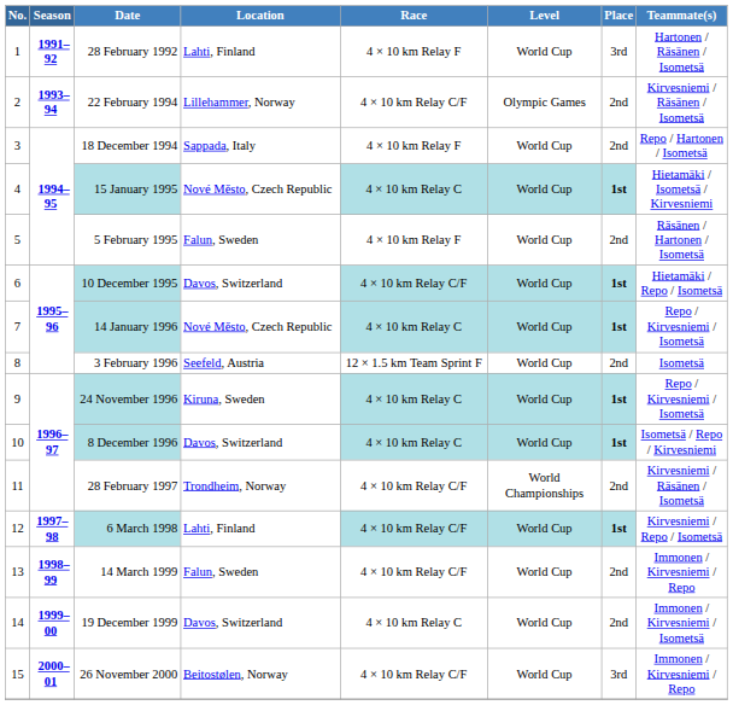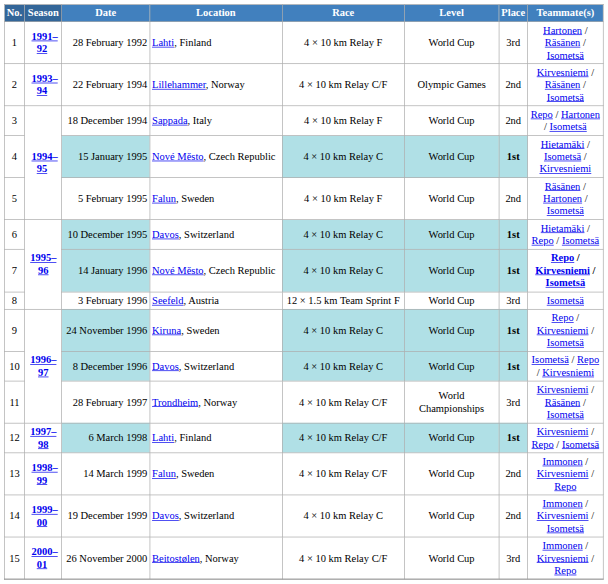 <table class="wikitable sortable" style="font-size:95%; text-align:center; border:grey solid 1px; border-collapse:collapse; background:#ffffff;">
 <tr style="background:#efefef;">
 <th style="background-color:#369; color:white;">No.</th>
 <th style="background-color:#369; color:white;">Season</th>
 <th style="background-color:#4180be; color:white; width:120px;">Date</th>
 <th style="background-color:#4180be; color:white; width:185px;">Location</th>
 <th style="background-color:#4180be; color:white; width:170px;">Race</th>
 <th style="background-color:#4180be; color:white; width:130px;">Level</th>
 <th style="background-color:#4180be; color:white;">Place</th>
 <th style="background-color:#4180be; color:white;">Teammate(s)</th>
 </tr>
 <tr>
 <td align=center>1</td>
 <td rowspan=1 align=center><strong> <a href='#'>1991–92</a> </strong></td>
 <td align=right>28 February 1992</td>
 <td align=left> <a href='#'>Lahti</a>, Finland</td>
 <td>4 × 10 km Relay F</td>
 <td>World Cup</td>
 <td>3rd</td>
 <td><a href='#'>Hartonen</a> / <a href='#'>Räsänen</a> / <a href='#'>Isometsä</a></td>
 </tr>
 <tr>
 <td align=center>2</td>
 <td rowspan=1 align=center><strong> <a href='#'>1993–94</a> </strong></td>
 <td align=right>22 February 1994</td>
 <td align=left> <a href='#'>Lillehammer</a>, Norway</td>
 <td>4 × 10 km Relay C/F</td>
 <td>Olympic Games</td>
 <td>2nd</td>
 <td><a href='#'>Kirvesniemi</a> / <a href='#'>Räsänen</a> / <a href='#'>Isometsä</a></td>
 </tr>
 <tr>
 <td align=center>3</td>
 <td rowspan=3 align=center><strong> <a href='#'>1994–95</a> </strong></td>
 <td align=right>18 December 1994</td>
 <td align=left> <a href='#'>Sappada</a>, Italy</td>
 <td>4 × 10 km Relay F</td>
 <td>World Cup</td>
 <td>2nd</td>
 <td><a href='#'>Repo</a> / <a href='#'>Hartonen</a> / <a href='#'>Isometsä</a></td>
 </tr>
 <tr>
 <td align=center>4</td>
 <td bgcolor="#BOEOE6" align=right>15 January 1995</td>
 <td align=left> <a href='#'>Nové Město</a>, Czech Republic</td>
 <td bgcolor="#BOEOE6">4 × 10 km Relay C</td>
 <td bgcolor="#BOEOE6">World Cup</td>
 <td bgcolor="#BOEOE6"><strong>1st</strong></td>
 <td><a href='#'>Hietamäki</a> / <a href='#'>Isometsä</a> / <a href='#'>Kirvesniemi</a></td>
 </tr>
 <tr>
 <td align=center>5</td>
 <td align=right>5 February 1995</td>
 <td align=left> <a href='#'>Falun</a>, Sweden</td>
 <td>4 × 10 km Relay F</td>
 <td>World Cup</td>
 <td>2nd</td>
 <td><a href='#'>Räsänen</a> / <a href='#'>Hartonen</a> / <a href='#'>Isometsä</a></td>
 </tr>
 <tr>
 <td align=center>6</td>
 <td rowspan=3 align=center><strong><a href='#'>1995–96</a></strong></td>
 <td bgcolor="#BOEOE6" align=right>10 December 1995</td>
 <td align=left> <a href='#'>Davos</a>, Switzerland</td>
-<td bgcolor="#BOEOE6">4 × 10 km Relay C/F</td>
+<td bgcolor="#BOEOE6">4 × 10 km Relay C</td>
 <td bgcolor="#BOEOE6">World Cup</td>
 <td bgcolor="#BOEOE6"><strong>1st</strong></td>
 <td><a href='#'>Hietamäki</a> / <a href='#'>Repo</a> / <a href='#'>Isometsä</a></td>
 </tr>
 <tr>
 <td align=center>7</td>
 <td bgcolor="#BOEOE6" align=right>14 January 1996</td>
 <td align=left> <a href='#'>Nové Město</a>, Czech Republic</td>
 <td bgcolor="#BOEOE6">4 × 10 km Relay C</td>
 <td bgcolor="#BOEOE6">World Cup</td>
 <td bgcolor="#BOEOE6"><strong>1st</strong></td>
-<td><a href='#'>Repo</a> / <a href='#'>Kirvesniemi</a> / <a href='#'>Isometsä</a></td>
+<td><strong><a href='#'>Repo</a> / <a href='#'>Kirvesniemi</a> / <a href='#'>Isometsä</a></strong></td>
 </tr>
 <tr>
 <td align=center>8</td>
 <td align=right>3 February 1996</td>
 <td align=left> <a href='#'>Seefeld</a>, Austria</td>
 <td>12 × 1.5 km Team Sprint F</td>
 <td>World Cup</td>
-<td>2nd</td>
+<td>3rd</td>
 <td><a href='#'>Isometsä</a></td>
 </tr>
 <tr>
 <td align=center>9</td>
 <td rowspan=3 align=center><strong><a href='#'>1996–97</a></strong></td>
 <td bgcolor="#BOEOE6" align=right>24 November 1996</td>
 <td align=left> <a href='#'>Kiruna</a>, Sweden</td>
 <td bgcolor="#BOEOE6">4 × 10 km Relay C</td>
 <td bgcolor="#BOEOE6">World Cup</td>
 <td bgcolor="#BOEOE6"><strong>1st</strong></td>
 <td><a href='#'>Repo</a> / <a href='#'>Kirvesniemi</a> / <a href='#'>Isometsä</a></td>
 </tr>
 <tr>
 <td align=center>10</td>
 <td bgcolor="#BOEOE6" align=right>8 December 1996</td>
 <td align=left> <a href='#'>Davos</a>, Switzerland</td>
 <td bgcolor="#BOEOE6">4 × 10 km Relay C</td>
 <td bgcolor="#BOEOE6">World Cup</td>
 <td bgcolor="#BOEOE6"><strong>1st</strong></td>
 <td><a href='#'>Isometsä</a> / <a href='#'>Repo</a> / <a href='#'>Kirvesniemi</a></td>
 </tr>
 <tr>
 <td align=center>11</td>
 <td align=right>28 February 1997</td>
 <td align=left> <a href='#'>Trondheim</a>, Norway</td>
 <td>4 × 10 km Relay C/F</td>
 <td>World Championships</td>
-<td>2nd</td>
+<td>3rd</td>
 <td><a href='#'>Kirvesniemi</a> / <a href='#'>Räsänen</a> / <a href='#'>Isometsä</a></td>
 </tr>
 <tr>
 <td align=center>12</td>
 <td rowspan=1 align=center><strong><a href='#'>1997–98</a></strong></td>
 <td bgcolor="#BOEOE6" align=right>6 March 1998</td>
 <td align=left> <a href='#'>Lahti</a>, Finland</td>
 <td bgcolor="#BOEOE6">4 × 10 km Relay C/F</td>
 <td bgcolor="#BOEOE6">World Cup</td>
 <td bgcolor="#BOEOE6"><strong>1st</strong></td>
 <td><a href='#'>Kirvesniemi</a> / <a href='#'>Repo</a> / <a href='#'>Isometsä</a></td>
 </tr>
 <tr>
 <td align=center>13</td>
 <td rowspan=1 align=center><strong> <a href='#'>1998–99</a> </strong></td>
 <td align=right>14 March 1999</td>
 <td align=left> <a href='#'>Falun</a>, Sweden</td>
 <td>4 × 10 km Relay C/F</td>
 <td>World Cup</td>
 <td>2nd</td>
 <td><a href='#'>Immonen</a> / <a href='#'>Kirvesniemi</a> / <a href='#'>Repo</a></td>
 </tr>
 <tr>
 <td align=center>14</td>
 <td rowspan=1 align=center><strong> <a href='#'>1999–00</a> </strong></td>
 <td align=right>19 December 1999</td>
 <td align=left> <a href='#'>Davos</a>, Switzerland</td>
 <td>4 × 10 km Relay C</td>
 <td>World Cup</td>
 <td>2nd</td>
 <td><a href='#'>Immonen</a> / <a href='#'>Kirvesniemi</a> / <a href='#'>Isometsä</a></td>
 </tr>
 <tr>
 <td align=center>15</td>
 <td rowspan=1 align=center><strong> <a href='#'>2000–01</a> </strong></td>
 <td align=right>26 November 2000</td>
 <td align=left> <a href='#'>Beitostølen</a>, Norway</td>
 <td>4 × 10 km Relay C/F</td>
 <td>World Cup</td>
 <td>3rd</td>
 <td><a href='#'>Immonen</a> / <a href='#'>Kirvesniemi</a> / <a href='#'>Repo</a></td>
 </tr>
 <tr>
 </tr>
 </table>
